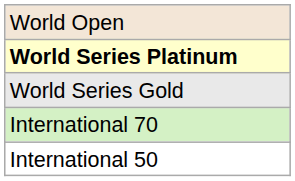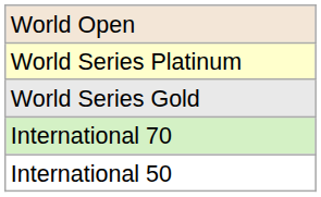 <table class=wikitable style=font-size:89%;width:15%>
 <tr style="background:#F3E6D7;">
 <td>World Open</td>
 </tr>
 <tr style="background:#ffc;">
-<td><strong>World Series Platinum</strong></td>
+<td>World Series Platinum</td>
 </tr>
 <tr style="background:#E9E9E9;">
 <td>World Series Gold</td>
 </tr>
 <tr style="background:#D4F1C5;">
 <td>International 70</td>
 </tr>
 <tr style="background:#fff;">
 <td>International 50</td>
 </tr>
 </table>
